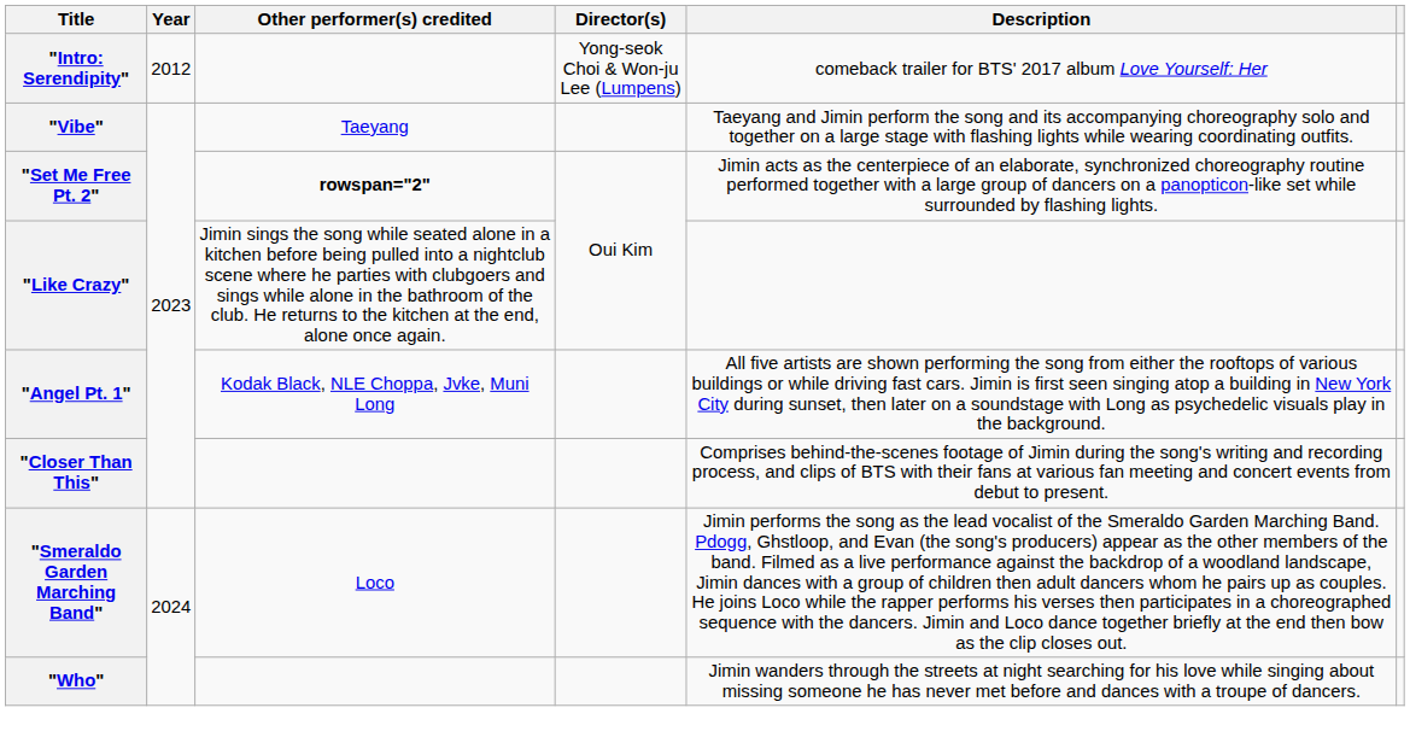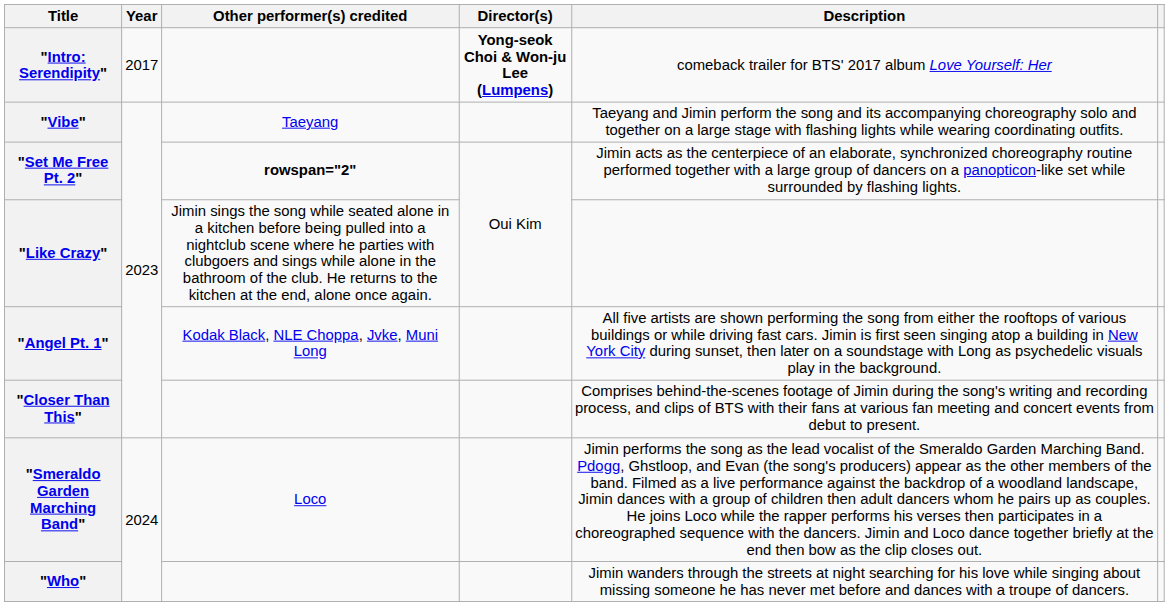 <table class="wikitable sortable plainrowheaders" style="text-align:center;">
 <tr>
 <th scope="col">Title</th>
 <th scope="col">Year</th>
 <th scope="col">Other performer(s) credited</th>
 <th scope="col">Director(s)</th>
 <th scope="col">Description</th>
 <th scope="col" class="unsortable"></th>
 </tr>
 <tr>
 <th scope="row">"<a href='#'>Intro: Serendipity</a>"</th>
-<td>2012</td>
+<td>2017</td>
 <td></td>
-<td>Yong-seok Choi & Won-ju Lee (<a href='#'>Lumpens</a>)</td>
+<td><strong>Yong-seok Choi & Won-ju Lee (<a href='#'>Lumpens</a>)</strong></td>
 <td>comeback trailer for BTS' 2017 album <em><a href='#'>Love Yourself: Her</a></em></td>
 <td style="text-align:center;"></td>
 </tr>
 <tr>
 <th scope="row">"<a href='#'>Vibe</a>"</th>
 <td rowspan="5">2023</td>
 <td><a href='#'>Taeyang</a></td>
 <td></td>
 <td>Taeyang and Jimin perform the song and its accompanying choreography solo and together on a large stage with flashing lights while wearing coordinating outfits.</td>
 <td style="text-align:center;"></td>
 </tr>
 <tr>
 <th scope="row">"<a href='#'>Set Me Free Pt. 2</a>"</th>
 <td><strong>rowspan="2" </strong></td>
 <td rowspan="2">Oui Kim</td>
 <td>Jimin acts as the centerpiece of an elaborate, synchronized choreography routine performed together with a large group of dancers on a <a href='#'>panopticon</a>-like set while surrounded by flashing lights.</td>
 <td style="text-align:center;"></td>
 </tr>
 <tr>
 <th scope="row">"<a href='#'>Like Crazy</a>"</th>
 <td>Jimin sings the song while seated alone in a kitchen before being pulled into a nightclub scene where he parties with clubgoers and sings while alone in the bathroom of the club. He returns to the kitchen at the end, alone once again.</td>
 <td style="text-align:center;"></td>
 </tr>
 <tr>
 <th scope="row">"<a href='#'>Angel Pt. 1</a>"</th>
 <td><a href='#'>Kodak Black</a>, <a href='#'>NLE Choppa</a>, <a href='#'>Jvke</a>, <a href='#'>Muni Long</a></td>
 <td></td>
 <td>All five artists are shown performing the song from either the rooftops of various buildings or while driving fast cars. Jimin is first seen singing atop a building in <a href='#'>New York City</a> during sunset, then later on a soundstage with Long as psychedelic visuals play in the background.</td>
 <td style="text-align:center;"></td>
 </tr>
 <tr>
 <th scope="row">"<a href='#'>Closer Than This</a>"</th>
 <td></td>
 <td></td>
 <td>Comprises behind-the-scenes footage of Jimin during the song's writing and recording process, and clips of BTS with their fans at various fan meeting and concert events from debut to present.</td>
 <td style="text-align:center;"></td>
 </tr>
 <tr>
 <th scope="row">"<a href='#'>Smeraldo Garden Marching Band</a>"</th>
 <td rowspan="2">2024</td>
 <td><a href='#'>Loco</a></td>
 <td></td>
 <td>Jimin performs the song as the lead vocalist of the Smeraldo Garden Marching Band. <a href='#'>Pdogg</a>, Ghstloop, and Evan (the song's producers) appear as the other members of the band. Filmed as a live performance against the backdrop of a woodland landscape, Jimin dances with a group of children then adult dancers whom he pairs up as couples. He joins Loco while the rapper performs his verses then participates in a choreographed sequence with the dancers. Jimin and Loco dance together briefly at the end then bow as the clip closes out.</td>
 <td style="text-align:center;"></td>
 </tr>
 <tr>
 <th scope="row">"<a href='#'>Who</a>"</th>
 <td></td>
 <td></td>
 <td>Jimin wanders through the streets at night searching for his love while singing about missing someone he has never met before and dances with a troupe of dancers.</td>
 <td style="text-align:center;"></td>
 </tr>
 </table>
